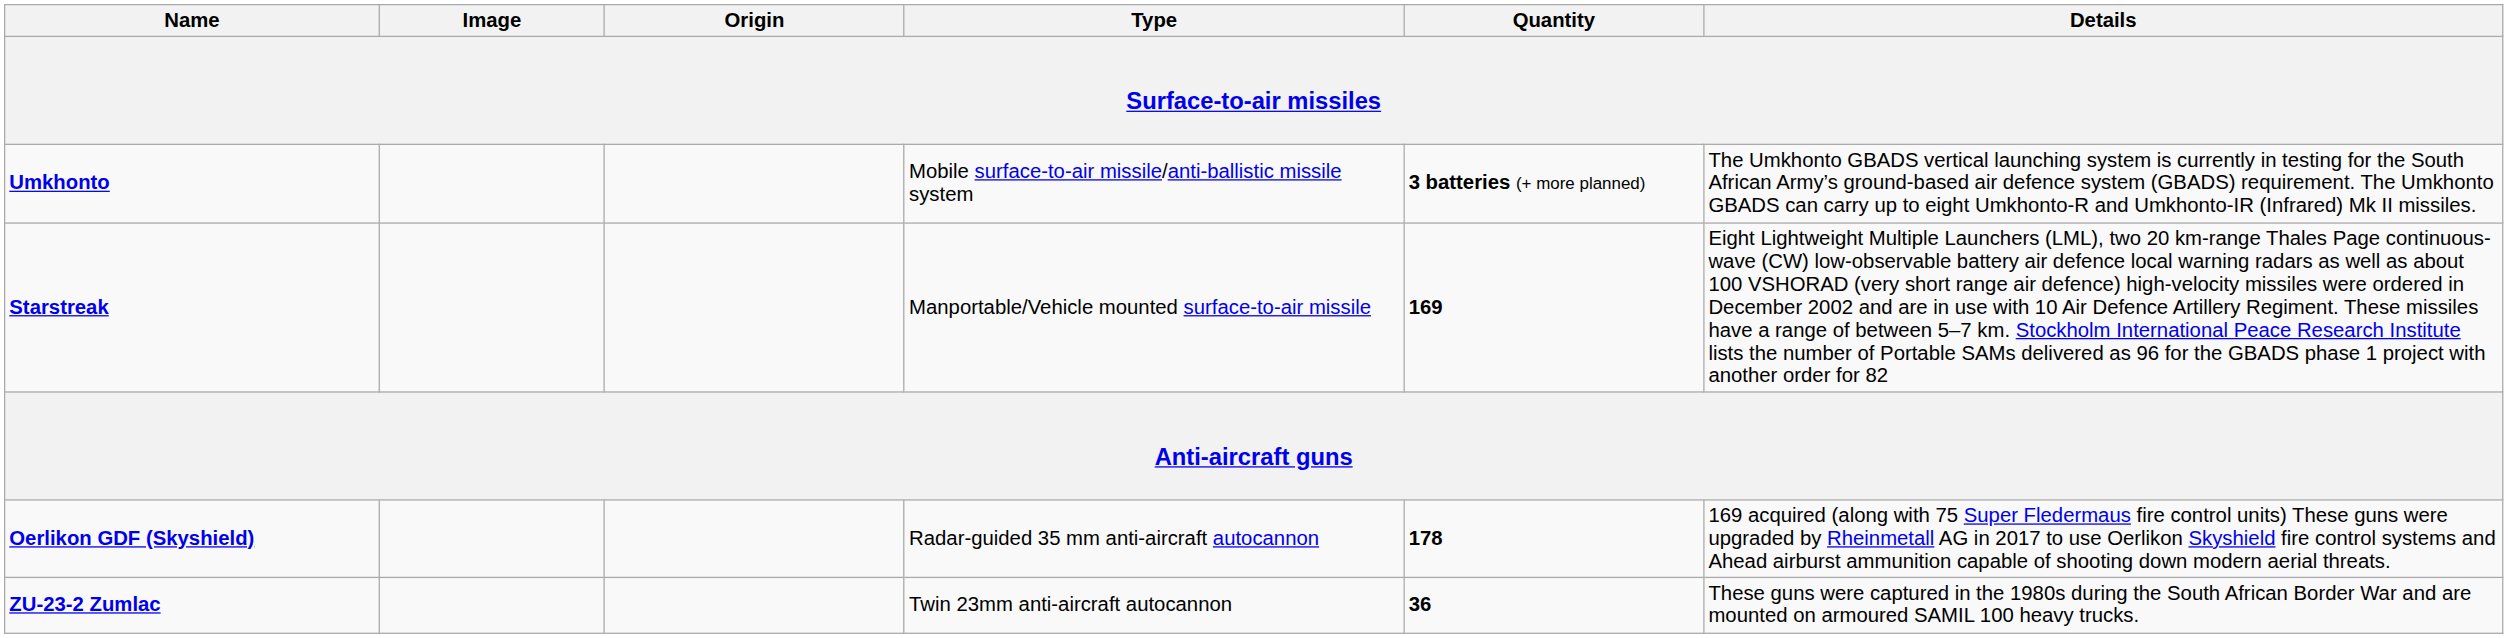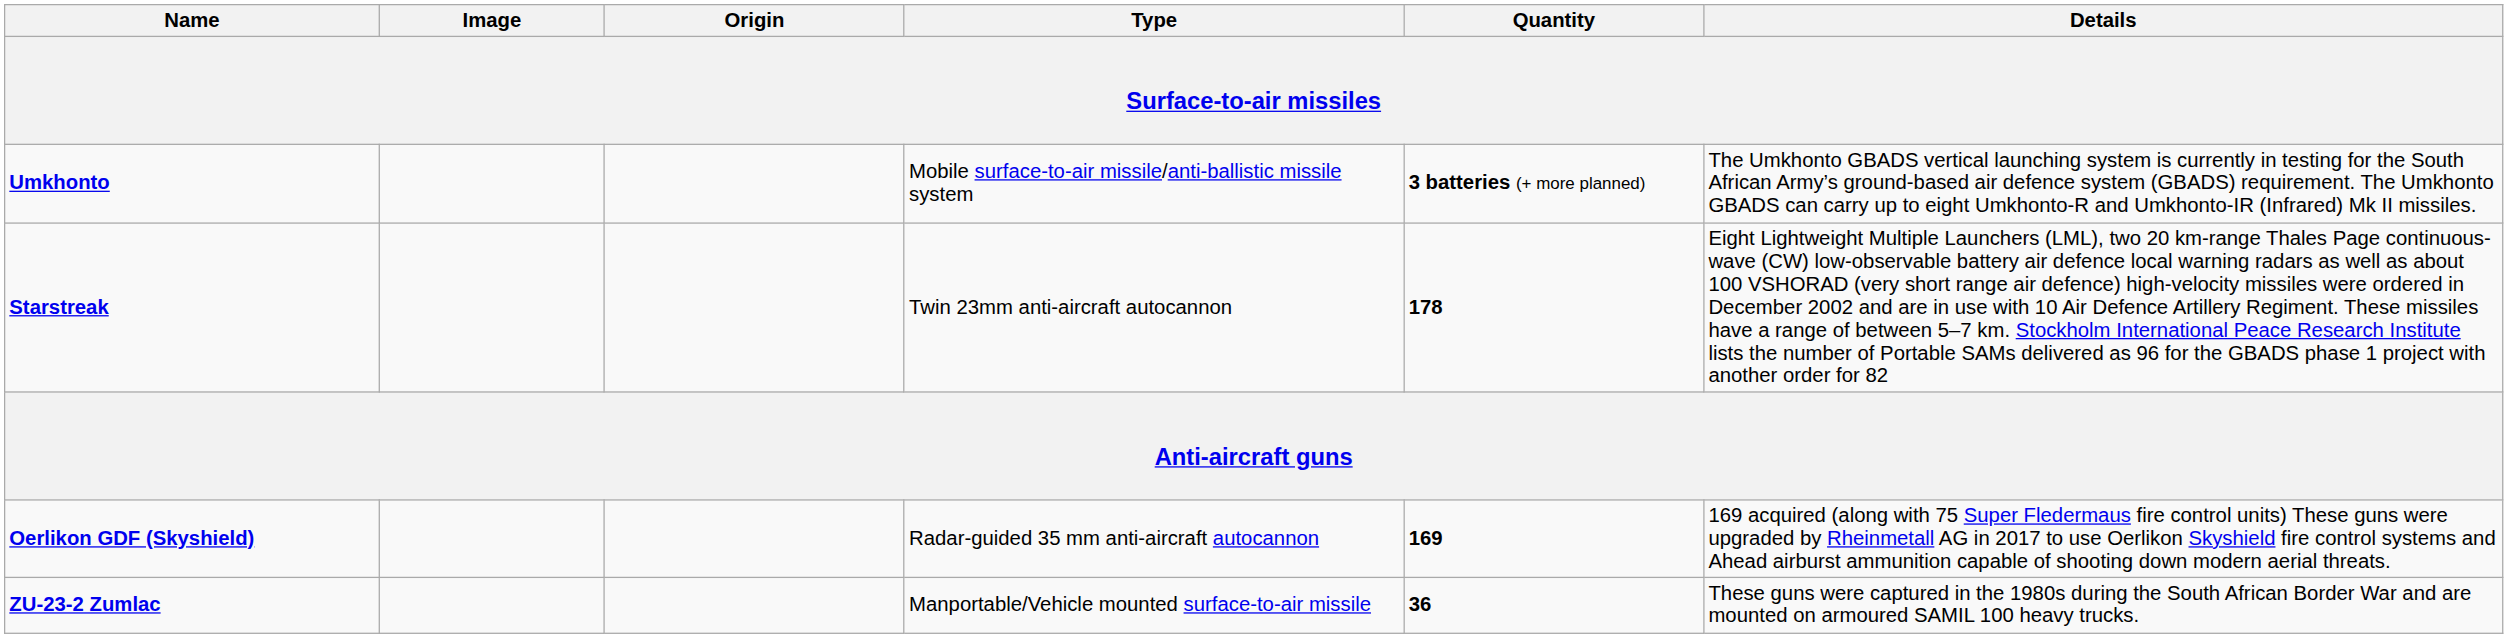 <table class="wikitable">
 <tr>
 <th style="width:15%;">Name</th>
 <th style="width:170px;">Image</th>
 <th style="width:12%;">Origin</th>
 <th style="width:20%;">Type</th>
 <th style="width:12%;">Quantity</th>
 <th>Details</th>
 </tr>
 <tr>
 <th colspan="6"><br><h3><a href='#'>Surface-to-air missiles</a></h3></th>
 </tr>
 <tr>
 <td><strong><a href='#'>Umkhonto</a></strong></td>
 <td></td>
 <td><small></small></td>
 <td>Mobile <a href='#'>surface-to-air missile</a>/<a href='#'>anti-ballistic missile</a> system</td>
 <td><strong>3 batteries</strong> <small>(+ more planned)</small></td>
 <td>The Umkhonto GBADS vertical launching system is currently in testing for the South African Army’s ground-based air defence system (GBADS) requirement. The Umkhonto GBADS can carry up to eight Umkhonto-R and Umkhonto-IR (Infrared) Mk II missiles.</td>
 </tr>
 <tr>
 <td><strong><a href='#'>Starstreak</a></strong></td>
 <td></td>
 <td><small></small></td>
-<td>Manportable/Vehicle mounted <a href='#'>surface-to-air missile</a></td>
-<td><strong>169</strong></td>
+<td>Twin 23mm anti-aircraft autocannon</td>
+<td><strong>178</strong></td>
 <td>Eight Lightweight Multiple Launchers (LML), two 20 km-range Thales Page continuous-wave (CW) low-observable battery air defence local warning radars as well as about 100 VSHORAD (very short range air defence) high-velocity missiles were ordered in December 2002 and are in use with 10 Air Defence Artillery Regiment. These missiles have a range of between 5–7 km. <a href='#'>Stockholm International Peace Research Institute</a> lists the number of Portable SAMs delivered as 96 for the GBADS phase 1 project with another order for 82</td>
 </tr>
 <tr>
 <th colspan="6"><br><h3><a href='#'>Anti-aircraft guns</a></h3></th>
 </tr>
 <tr>
 <td><strong><a href='#'>Oerlikon GDF (Skyshield)</a></strong></td>
 <td></td>
 <td><small></small> <br> <small></small></td>
 <td>Radar-guided 35 mm anti-aircraft <a href='#'>autocannon</a></td>
-<td><strong>178</strong></td>
+<td><strong>169</strong></td>
 <td>169 acquired (along with 75 <a href='#'>Super Fledermaus</a> fire control units) These guns were upgraded by <a href='#'>Rheinmetall</a> AG in 2017 to use Oerlikon <a href='#'>Skyshield</a> fire control systems and Ahead airburst ammunition capable of shooting down modern aerial threats.</td>
 </tr>
 <tr>
 <td><strong><a href='#'>ZU-23-2 Zumlac</a></strong></td>
 <td></td>
 <td><small></small></td>
-<td>Twin 23mm anti-aircraft autocannon</td>
+<td>Manportable/Vehicle mounted <a href='#'>surface-to-air missile</a></td>
 <td><strong>36</strong></td>
 <td>These guns were captured in the 1980s during the South African Border War and are mounted on armoured SAMIL 100 heavy trucks.</td>
 </tr>
 </table>
